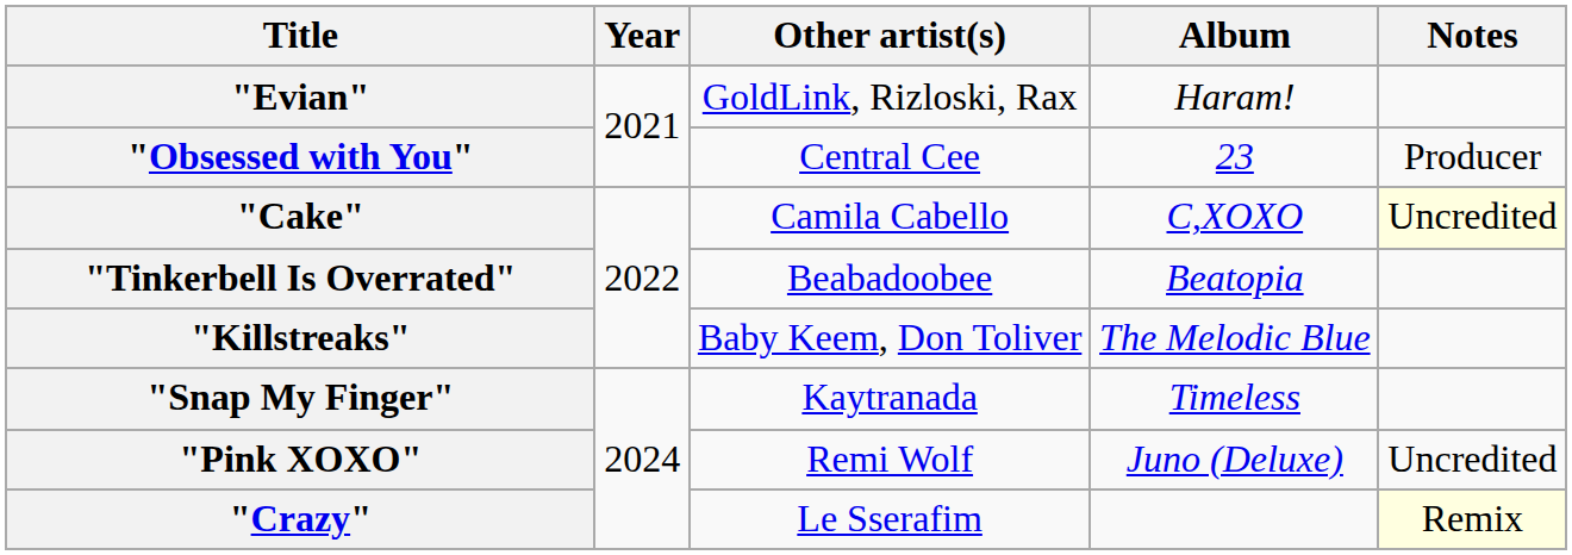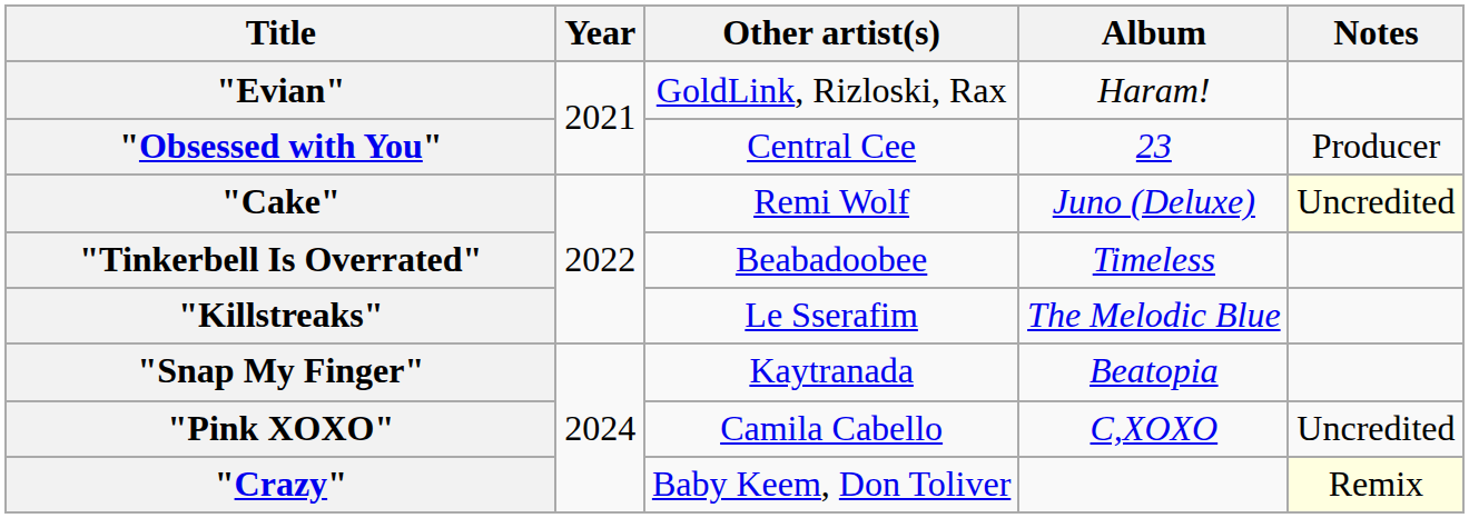 <table class="wikitable plainrowheaders" style="text-align:center;">
 <tr>
 <th scope="col" style="width:15em;">Title</th>
 <th scope="col">Year</th>
 <th scope="col">Other artist(s)</th>
 <th scope="col">Album</th>
 <th scope="col">Notes</th>
 </tr>
 <tr>
 <th scope="row">"Evian"</th>
 <td rowspan="2">2021</td>
 <td><a href='#'>GoldLink</a>, Rizloski, Rax</td>
 <td><em>Haram!</em></td>
 <td></td>
 </tr>
 <tr>
 <th scope="row">"<a href='#'>Obsessed with You</a>"</th>
 <td><a href='#'>Central Cee</a></td>
 <td><em><a href='#'>23</a></em></td>
 <td>Producer</td>
 </tr>
 <tr>
 <th scope="row">"Cake"</th>
 <td rowspan="3">2022</td>
-<td><a href='#'>Camila Cabello</a></td>
-<td><em><a href='#'>C,XOXO</a></em></td>
+<td><a href='#'>Remi Wolf</a></td>
+<td><em><a href='#'>Juno (Deluxe)</a></em></td>
 <td style="background: lightyellow;">Uncredited</td>
 </tr>
 <tr>
 <th scope="row">"Tinkerbell Is Overrated"</th>
 <td><a href='#'>Beabadoobee</a></td>
-<td><em><a href='#'>Beatopia</a></em></td>
+<td><em><a href='#'>Timeless</a></em></td>
 <td></td>
 </tr>
 <tr>
 <th scope="row">"Killstreaks"</th>
-<td><a href='#'>Baby Keem</a>, <a href='#'>Don Toliver</a></td>
+<td><a href='#'>Le Sserafim</a></td>
 <td><em><a href='#'>The Melodic Blue</a></em></td>
 <td></td>
 </tr>
 <tr>
 <th scope="row">"Snap My Finger"</th>
 <td rowspan="3">2024</td>
 <td><a href='#'>Kaytranada</a></td>
-<td><em><a href='#'>Timeless</a></em></td>
+<td><em><a href='#'>Beatopia</a></em></td>
 <td></td>
 </tr>
 <tr>
 <th scope="row">"Pink XOXO"</th>
-<td><a href='#'>Remi Wolf</a></td>
-<td><em><a href='#'>Juno (Deluxe)</a></em></td>
+<td><a href='#'>Camila Cabello</a></td>
+<td><em><a href='#'>C,XOXO</a></em></td>
 <td>Uncredited</td>
 </tr>
 <tr>
 <th scope="row">"<a href='#'>Crazy</a>"</th>
-<td><a href='#'>Le Sserafim</a></td>
+<td><a href='#'>Baby Keem</a>, <a href='#'>Don Toliver</a></td>
 <td></td>
 <td style="background: lightyellow;">Remix</td>
 </tr>
 <tr>
 </tr>
 </table>
